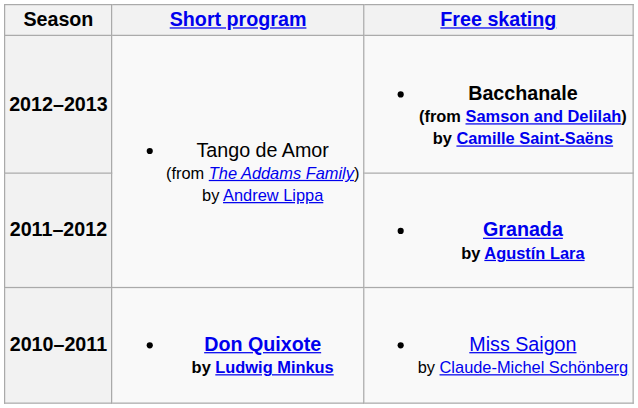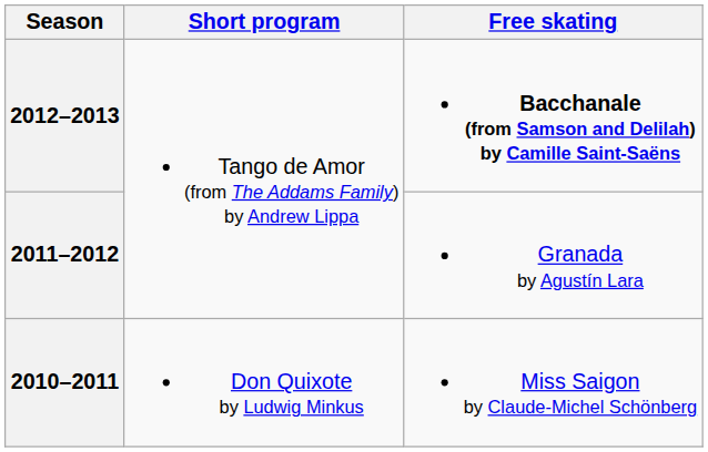 <table class=wikitable style=text-align:center>
 <tr>
 <th>Season</th>
 <th><a href='#'>Short program</a></th>
 <th><a href='#'>Free skating</a></th>
 </tr>
 <tr>
 <th>2012–2013 <br> </th>
 <td rowspan=2><br><ul><li>Tango de Amor <br><small> (from <em><a href='#'>The Addams Family</a></em>) <br> by <a href='#'>Andrew Lippa</a> </small></li></ul></td>
 <td><strong><br><ul><li>Bacchanale <br><small> (from <a href='#'>Samson and Delilah</a>) <br> by <a href='#'>Camille Saint-Saëns</a> </small></li></ul></strong></td>
 </tr>
 <tr>
 <th>2011–2012 <br> </th>
-<td><strong><br><ul><li><a href='#'>Granada</a> <br><small> by <a href='#'>Agustín Lara</a> </small></li></ul></strong></td>
+<td><br><ul><li><a href='#'>Granada</a> <br><small> by <a href='#'>Agustín Lara</a> </small></li></ul></td>
 </tr>
 <tr>
 <th>2010–2011 <br> </th>
-<td><strong><br><ul><li><a href='#'>Don Quixote</a> <br><small> by <a href='#'>Ludwig Minkus</a> </small></li></ul></strong></td>
+<td><br><ul><li><a href='#'>Don Quixote</a> <br><small> by <a href='#'>Ludwig Minkus</a> </small></li></ul></td>
 <td><br><ul><li><a href='#'>Miss Saigon</a> <br><small>by <a href='#'>Claude-Michel Schönberg</a> </small></li></ul></td>
 </tr>
 </table>
